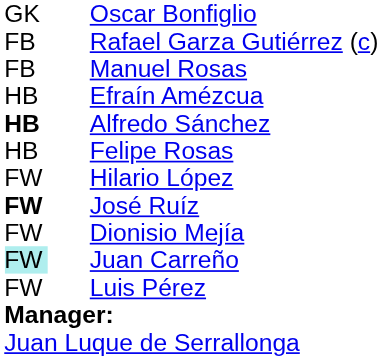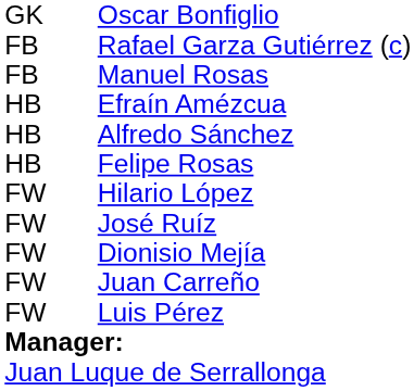 <table style="font-size: 90%" cellspacing="0" cellpadding="0" align=center>
 <tr>
 <th width="25"></th>
 <th width="25"></th>
 </tr>
 <tr>
 <td>GK</td>
 <td></td>
 <td><a href='#'>Oscar Bonfiglio</a></td>
 </tr>
 <tr>
 <td>FB</td>
 <td></td>
 <td><a href='#'>Rafael Garza Gutiérrez</a> (<a href='#'>c</a>)</td>
 </tr>
 <tr>
 <td>FB</td>
 <td></td>
 <td><a href='#'>Manuel Rosas</a></td>
 </tr>
 <tr>
 <td>HB</td>
 <td></td>
 <td><a href='#'>Efraín Amézcua</a></td>
 </tr>
 <tr>
-<td><strong>HB</strong></td>
+<td>HB</td>
 <td></td>
 <td><a href='#'>Alfredo Sánchez</a></td>
 </tr>
 <tr>
 <td>HB</td>
 <td></td>
 <td><a href='#'>Felipe Rosas</a></td>
 </tr>
 <tr>
 <td>FW</td>
 <td></td>
 <td><a href='#'>Hilario López</a></td>
 </tr>
 <tr>
-<td><strong>FW</strong></td>
+<td>FW</td>
 <td></td>
 <td><a href='#'>José Ruíz</a></td>
 </tr>
 <tr>
 <td>FW</td>
 <td></td>
 <td><a href='#'>Dionisio Mejía</a></td>
 </tr>
 <tr>
-<td style="background: paleturquoise;">FW</td>
+<td>FW</td>
 <td></td>
 <td><a href='#'>Juan Carreño</a></td>
 </tr>
 <tr>
 <td>FW</td>
 <td></td>
 <td><a href='#'>Luis Pérez</a></td>
 </tr>
 <tr>
 <td colspan=3><strong>Manager:</strong></td>
 </tr>
 <tr>
 <td colspan=4><a href='#'>Juan Luque de Serrallonga</a></td>
 </tr>
 </table>
